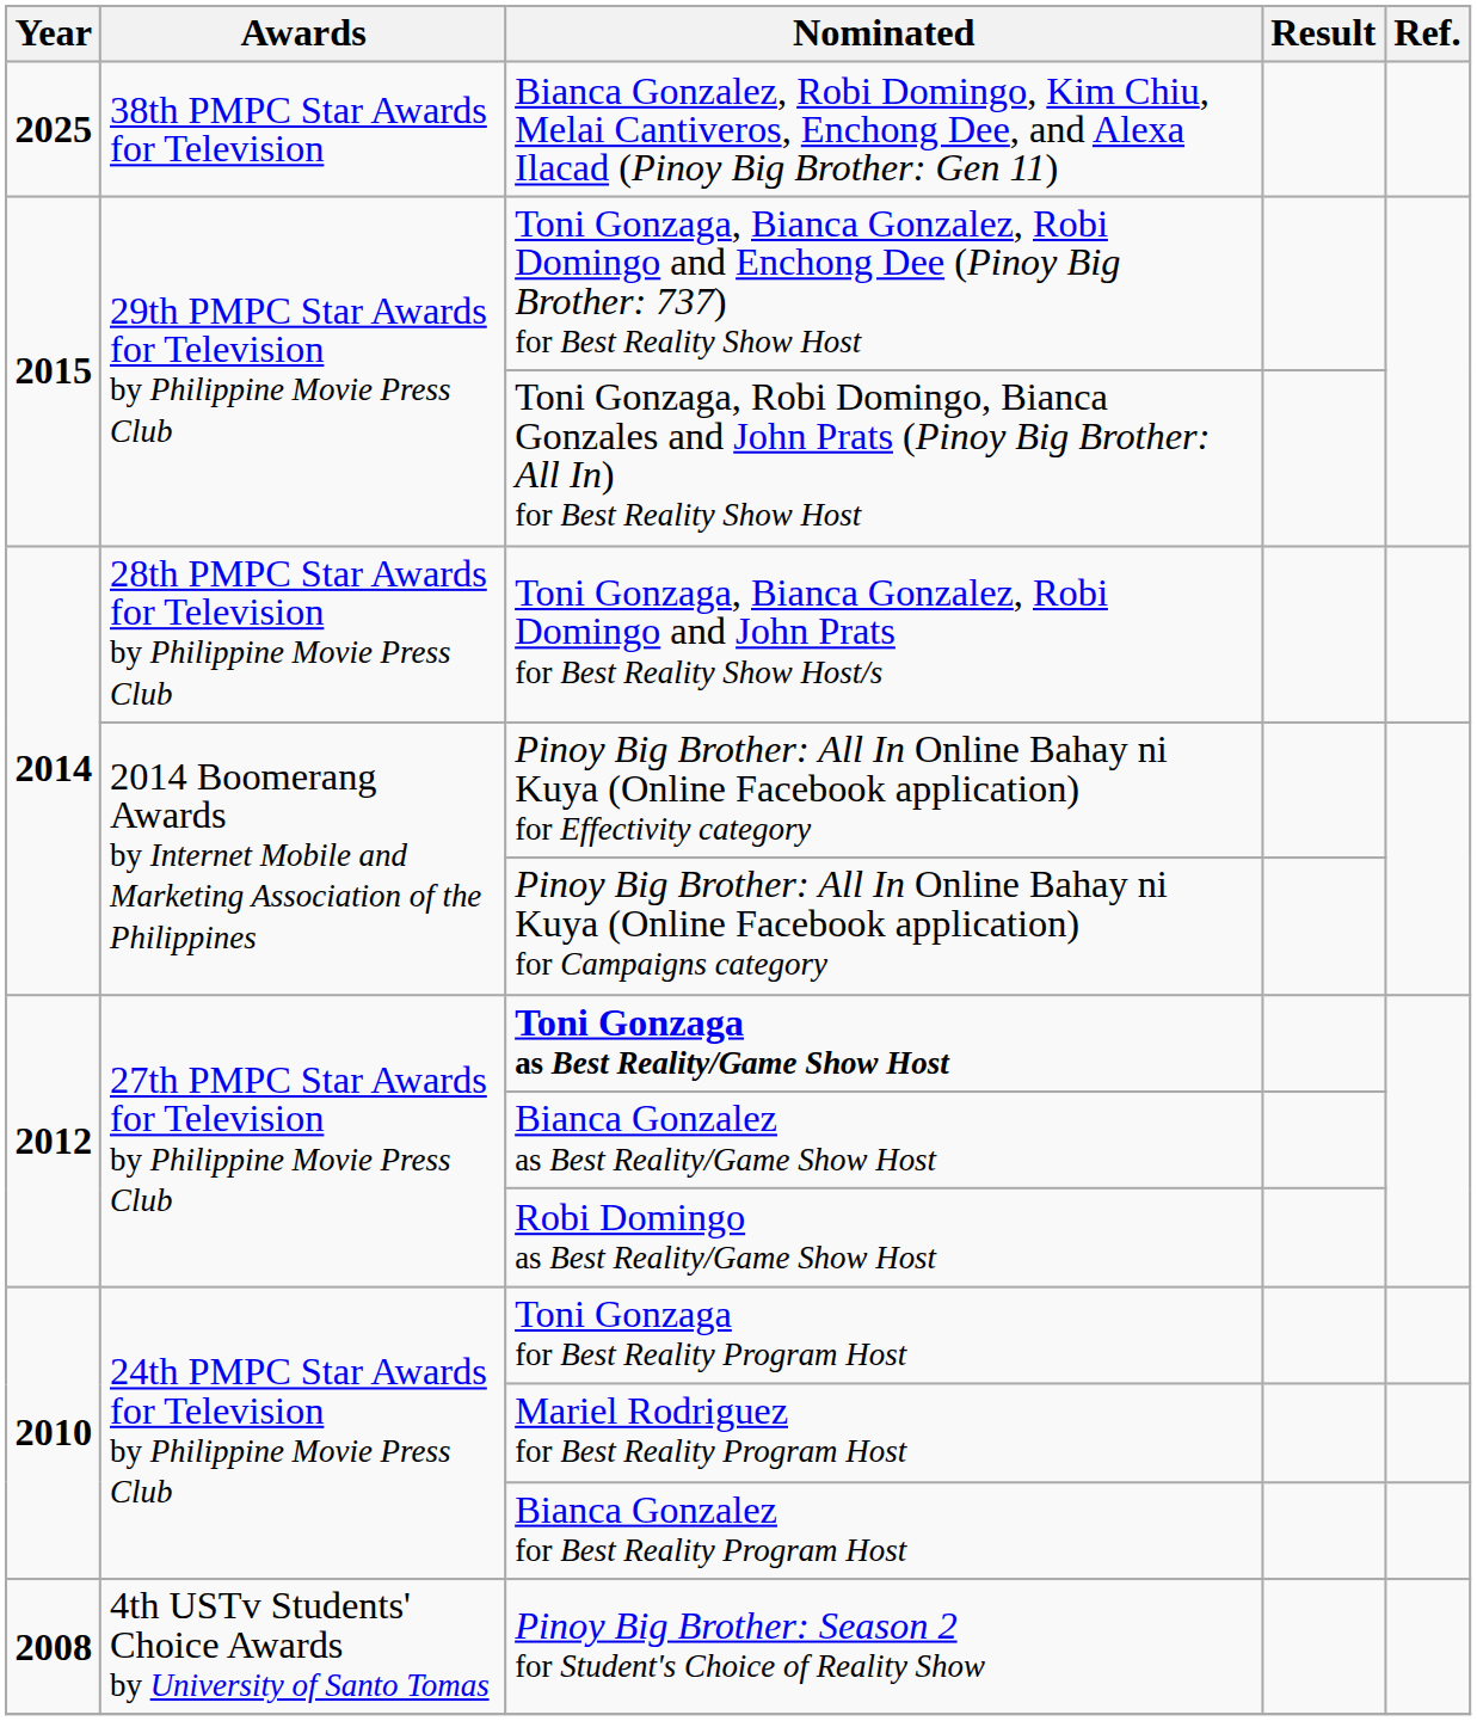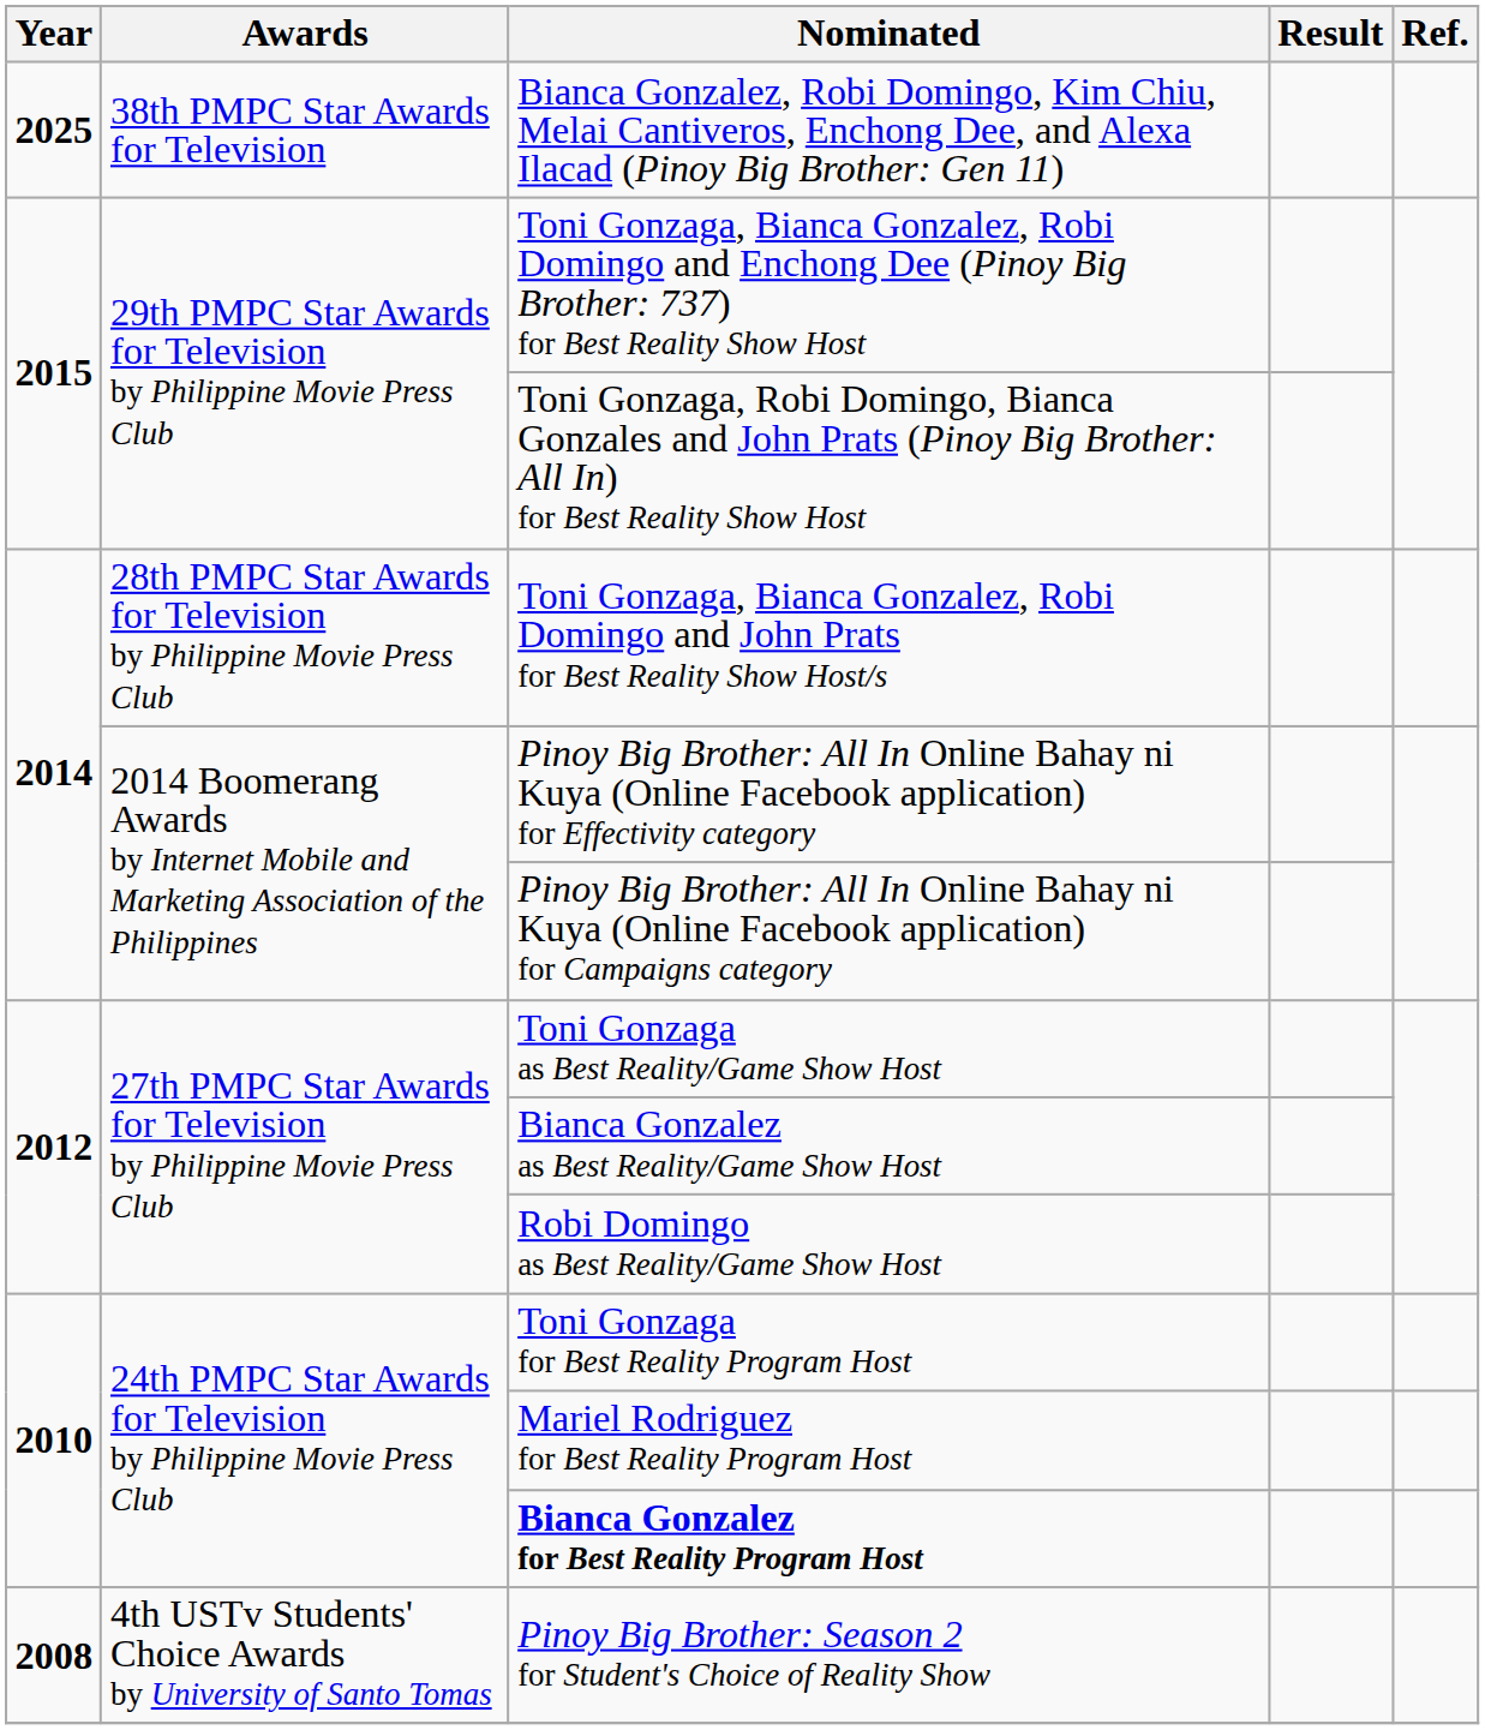 <table class="wikitable" style="text-align:left; font-size:100%; line-height:16px;" width="auto">
 <tr>
 <th scope="col">Year</th>
 <th scope="col">Awards</th>
 <th scope="col">Nominated</th>
 <th scope="col">Result</th>
 <th scope="col">Ref.</th>
 </tr>
 <tr>
 <td><strong>2025</strong></td>
 <td><a href='#'>38th PMPC Star Awards for Television</a><br></td>
 <td><a href='#'>Bianca Gonzalez</a>, <a href='#'>Robi Domingo</a>, <a href='#'>Kim Chiu</a>, <a href='#'>Melai Cantiveros</a>, <a href='#'>Enchong Dee</a>, and <a href='#'>Alexa Ilacad</a> (<em>Pinoy Big Brother: Gen 11</em>)<br></td>
 <td></td>
 <td style="text-align:center;"></td>
 </tr>
 <tr Toni Gonzaga, Enchong Dee, Bianca Gonzales, Robi Domingo>
 <td rowspan="2"><strong>2015</strong></td>
 <td rowspan="2"><a href='#'>29th PMPC Star Awards for Television</a><br><small>by <em>Philippine Movie Press Club</em></small></td>
 <td><a href='#'>Toni Gonzaga</a>, <a href='#'>Bianca Gonzalez</a>, <a href='#'>Robi Domingo</a> and <a href='#'>Enchong Dee</a> (<em>Pinoy Big Brother: 737</em>)<br><small>for <em>Best Reality Show Host</em></small></td>
 <td></td>
 <td rowspan="2" style="text-align:center;"></td>
 </tr>
 <tr>
 <td>Toni Gonzaga, Robi Domingo, Bianca Gonzales and <a href='#'>John Prats</a> (<em>Pinoy Big Brother: All In</em>)<br><small>for <em>Best Reality Show Host</em></small></td>
 <td></td>
 </tr>
 <tr>
 <td rowspan="3"><strong>2014</strong></td>
 <td><a href='#'>28th PMPC Star Awards for Television</a><br><small>by <em>Philippine Movie Press Club</em></small></td>
 <td><a href='#'>Toni Gonzaga</a>, <a href='#'>Bianca Gonzalez</a>, <a href='#'>Robi Domingo</a> and <a href='#'>John Prats</a><br><small>for <em>Best Reality Show Host/s</em></small></td>
 <td></td>
 <td style="text-align:center;"></td>
 </tr>
 <tr>
 <td rowspan="2">2014 Boomerang Awards<br><small>by <em>Internet Mobile and Marketing Association of the Philippines</em></small></td>
 <td><em>Pinoy Big Brother: All In</em> Online Bahay ni Kuya (Online Facebook application)<br><small>for <em>Effectivity category</em></small></td>
 <td></td>
 <td rowspan="2" style="text-align:center;"></td>
 </tr>
 <tr>
 <td><em>Pinoy Big Brother: All In</em> Online Bahay ni Kuya (Online Facebook application)<br><small>for <em>Campaigns category</em></small></td>
 <td></td>
 </tr>
 <tr>
 <td rowspan="3"><strong>2012</strong></td>
 <td rowspan="3"><a href='#'>27th PMPC Star Awards for Television</a><br><small>by <em>Philippine Movie Press Club</em></small></td>
-<td><strong><a href='#'>Toni Gonzaga</a><br><small>as <em>Best Reality/Game Show Host</em></small></strong></td>
+<td><a href='#'>Toni Gonzaga</a><br><small>as <em>Best Reality/Game Show Host</em></small></td>
 <td></td>
 <td rowspan="3" style="text-align:center;"></td>
 </tr>
 <tr>
 <td><a href='#'>Bianca Gonzalez</a><br><small>as <em>Best Reality/Game Show Host</em></small></td>
 <td></td>
 </tr>
 <tr>
 <td><a href='#'>Robi Domingo</a><br><small>as <em>Best Reality/Game Show Host</em></small></td>
 <td></td>
 </tr>
 <tr>
 <td rowspan="3"><strong>2010</strong></td>
 <td rowspan="3"><a href='#'>24th PMPC Star Awards for Television</a><br><small>by <em>Philippine Movie Press Club</em></small></td>
 <td><a href='#'>Toni Gonzaga</a><br><small>for <em>Best Reality Program Host</em></small></td>
 <td></td>
 <td style="text-align:center;"></td>
 </tr>
 <tr>
 <td><a href='#'>Mariel Rodriguez</a> <br><small>for <em>Best Reality Program Host</em></small></td>
 <td></td>
 <td style="text-align:center;"></td>
 </tr>
 <tr>
-<td><a href='#'>Bianca Gonzalez</a><br><small>for <em>Best Reality Program Host</em></small></td>
+<td><strong><a href='#'>Bianca Gonzalez</a><br><small>for <em>Best Reality Program Host</em></small></strong></td>
 <td></td>
 <td style="text-align:center;"></td>
 </tr>
 <tr>
 <td><strong>2008</strong></td>
 <td>4th USTv Students' Choice Awards<br><small>by <em><a href='#'>University of Santo Tomas</a></em></small></td>
 <td><a href='#'><em>Pinoy Big Brother: Season 2</em></a><br><small>for <em>Student's Choice of Reality Show</em></small></td>
 <td></td>
 <td style="text-align:center;"></td>
 </tr>
 <tr>
 </tr>
 </table>
